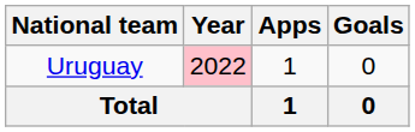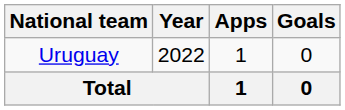 <table class="wikitable" style="text-align:center">
 <tr>
 <th>National team</th>
 <th>Year</th>
 <th>Apps</th>
 <th>Goals</th>
 </tr>
 <tr>
 <td rowspan="1"><a href='#'>Uruguay</a></td>
-<td style="background: pink;">2022</td>
+<td>2022</td>
 <td>1</td>
 <td>0</td>
 </tr>
 <tr>
 <th colspan="2">Total</th>
 <th>1</th>
 <th>0</th>
 </tr>
 </table>
